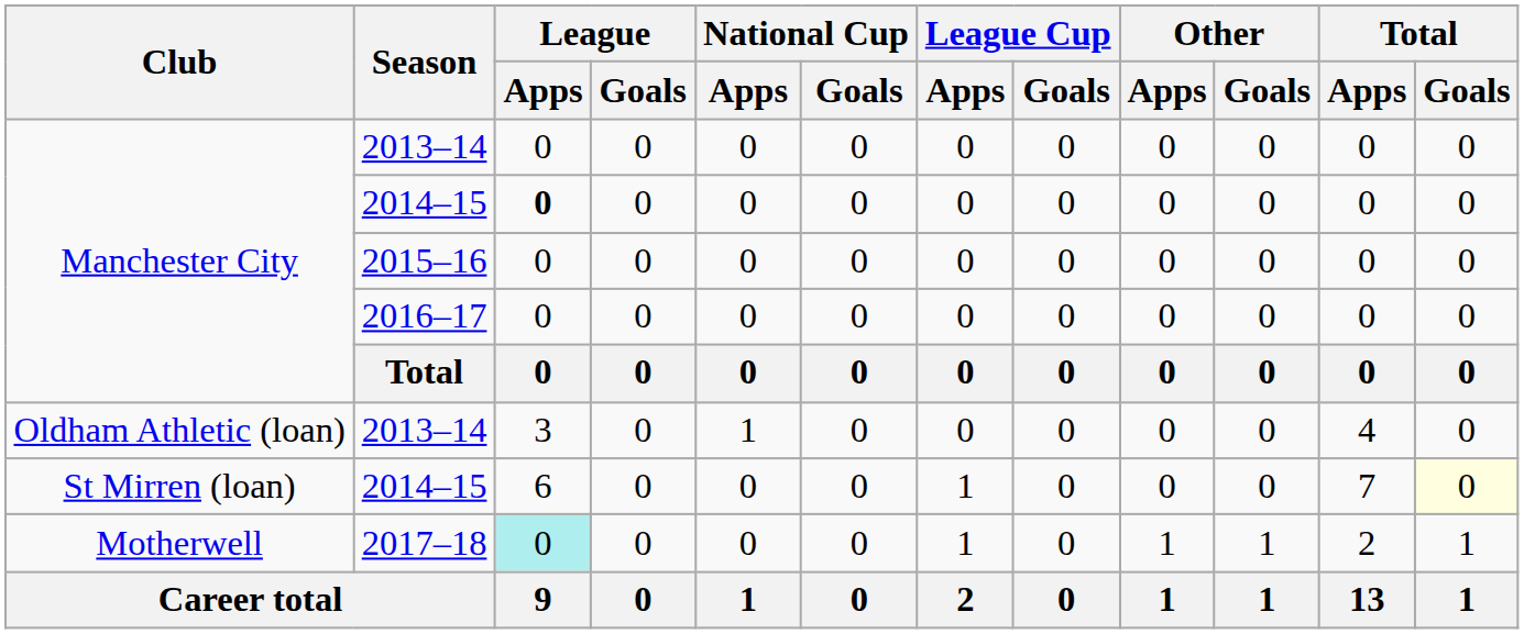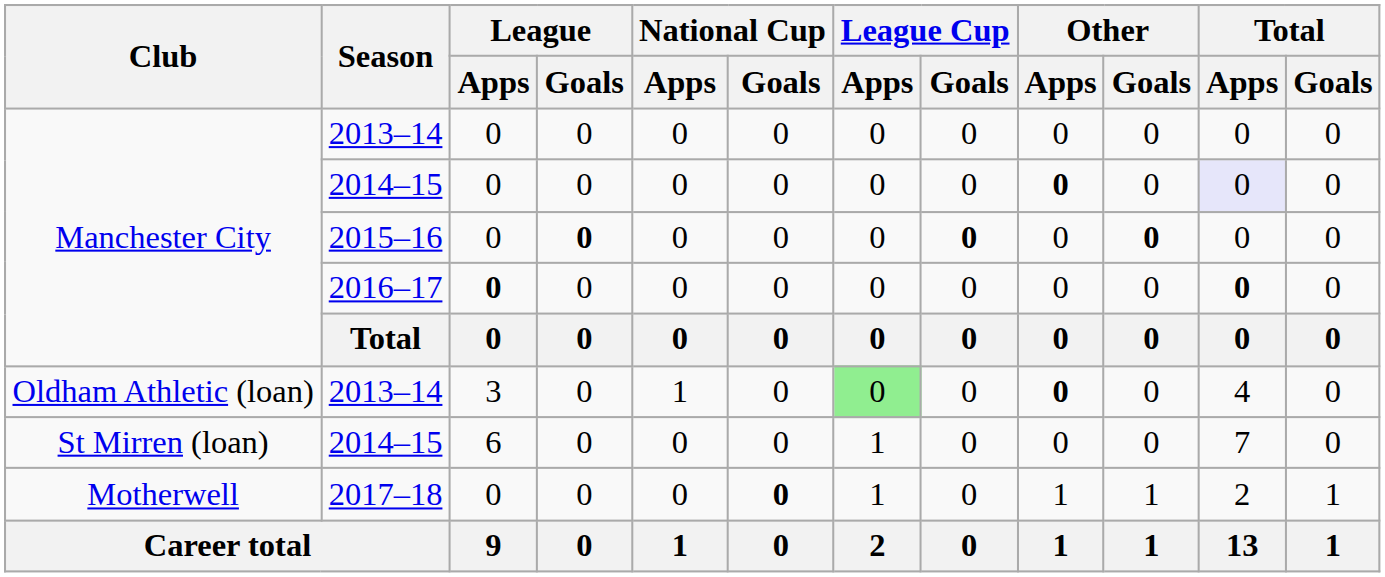 <table class="wikitable" style="text-align: center">
 <tr>
 <th rowspan="2">Club</th>
 <th rowspan="2">Season</th>
 <th colspan="2">League</th>
 <th colspan="2">National Cup</th>
 <th colspan="2"><a href='#'>League Cup</a></th>
 <th colspan="2">Other</th>
 <th colspan="2">Total</th>
 </tr>
 <tr>
 <th>Apps</th>
 <th>Goals</th>
 <th>Apps</th>
 <th>Goals</th>
 <th>Apps</th>
 <th>Goals</th>
 <th>Apps</th>
 <th>Goals</th>
 <th>Apps</th>
 <th>Goals</th>
 </tr>
 <tr>
 <td rowspan="5"><a href='#'>Manchester City</a></td>
 <td><a href='#'>2013–14</a></td>
 <td>0</td>
 <td>0</td>
 <td>0</td>
 <td>0</td>
 <td>0</td>
 <td>0</td>
 <td>0</td>
 <td>0</td>
 <td>0</td>
 <td>0</td>
 </tr>
 <tr>
 <td><a href='#'>2014–15</a></td>
+<td>0</td>
+<td>0</td>
+<td>0</td>
+<td>0</td>
+<td>0</td>
+<td>0</td>
+<td><strong>0</strong></td>
+<td>0</td>
+<td style="background: lavender;">0</td>
+<td>0</td>
+</tr>
+<tr>
+<td><a href='#'>2015–16</a></td>
+<td>0</td>
+<td><strong>0</strong></td>
+<td>0</td>
+<td>0</td>
+<td>0</td>
+<td><strong>0</strong></td>
+<td>0</td>
+<td><strong>0</strong></td>
+<td>0</td>
+<td>0</td>
+</tr>
+<tr>
+<td><a href='#'>2016–17</a></td>
 <td><strong>0</strong></td>
 <td>0</td>
 <td>0</td>
 <td>0</td>
 <td>0</td>
 <td>0</td>
 <td>0</td>
 <td>0</td>
-<td>0</td>
-<td>0</td>
-</tr>
-<tr>
-<td><a href='#'>2015–16</a></td>
-<td>0</td>
-<td>0</td>
-<td>0</td>
-<td>0</td>
-<td>0</td>
-<td>0</td>
-<td>0</td>
-<td>0</td>
-<td>0</td>
-<td>0</td>
-</tr>
-<tr>
-<td><a href='#'>2016–17</a></td>
-<td>0</td>
-<td>0</td>
-<td>0</td>
-<td>0</td>
-<td>0</td>
-<td>0</td>
-<td>0</td>
-<td>0</td>
-<td>0</td>
+<td><strong>0</strong></td>
 <td>0</td>
 </tr>
 <tr>
 <th>Total</th>
 <th>0</th>
 <th>0</th>
 <th>0</th>
 <th>0</th>
 <th>0</th>
 <th>0</th>
 <th>0</th>
 <th>0</th>
 <th>0</th>
 <th>0</th>
 </tr>
 <tr>
 <td><a href='#'>Oldham Athletic</a> (loan)</td>
 <td><a href='#'>2013–14</a></td>
 <td>3</td>
 <td>0</td>
 <td>1</td>
 <td>0</td>
+<td style="background: lightgreen;">0</td>
 <td>0</td>
-<td>0</td>
-<td>0</td>
+<td><strong>0</strong></td>
 <td>0</td>
 <td>4</td>
 <td>0</td>
 </tr>
 <tr>
 <td><a href='#'>St Mirren</a> (loan)</td>
 <td><a href='#'>2014–15</a></td>
 <td>6</td>
 <td>0</td>
 <td>0</td>
 <td>0</td>
 <td>1</td>
 <td>0</td>
 <td>0</td>
 <td>0</td>
 <td>7</td>
-<td style="background: lightyellow;">0</td>
+<td>0</td>
 </tr>
 <tr>
 <td><a href='#'>Motherwell</a></td>
 <td><a href='#'>2017–18</a></td>
-<td style="background: paleturquoise;">0</td>
 <td>0</td>
 <td>0</td>
 <td>0</td>
+<td><strong>0</strong></td>
 <td>1</td>
 <td>0</td>
 <td>1</td>
 <td>1</td>
 <td>2</td>
 <td>1</td>
 </tr>
 <tr>
 <th colspan="2">Career total</th>
 <th>9</th>
 <th>0</th>
 <th>1</th>
 <th>0</th>
 <th>2</th>
 <th>0</th>
 <th>1</th>
 <th>1</th>
 <th>13</th>
 <th>1</th>
 </tr>
 </table>
